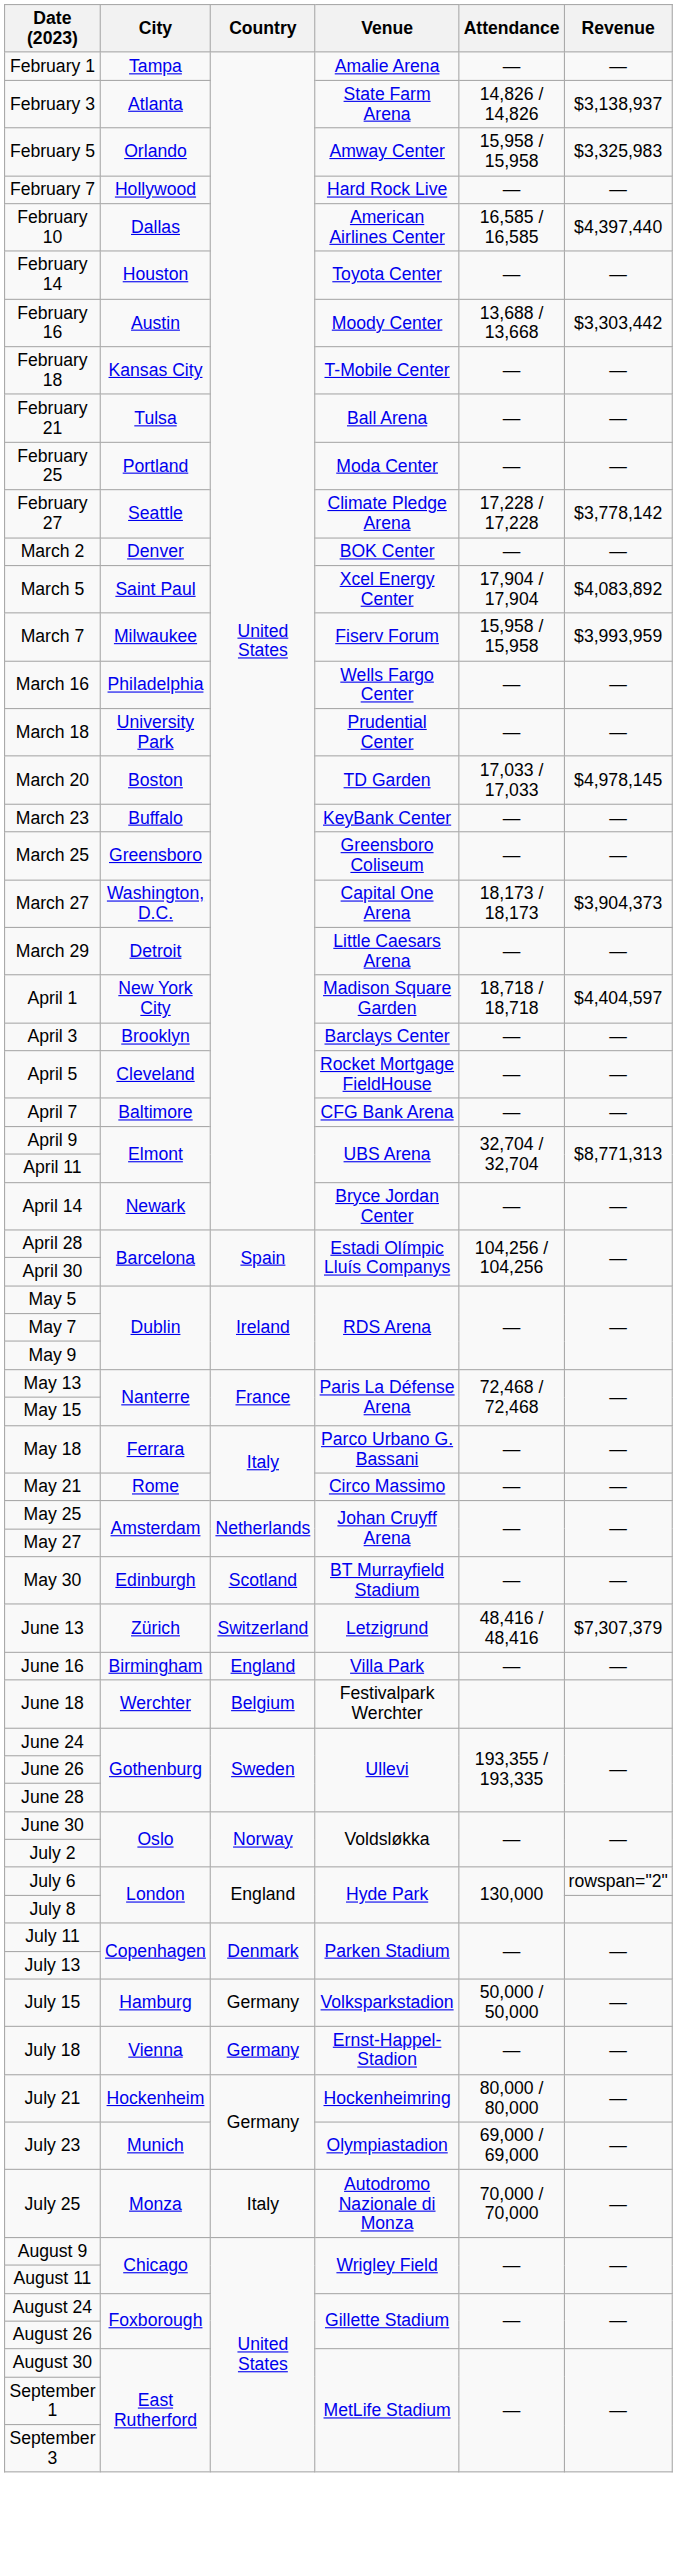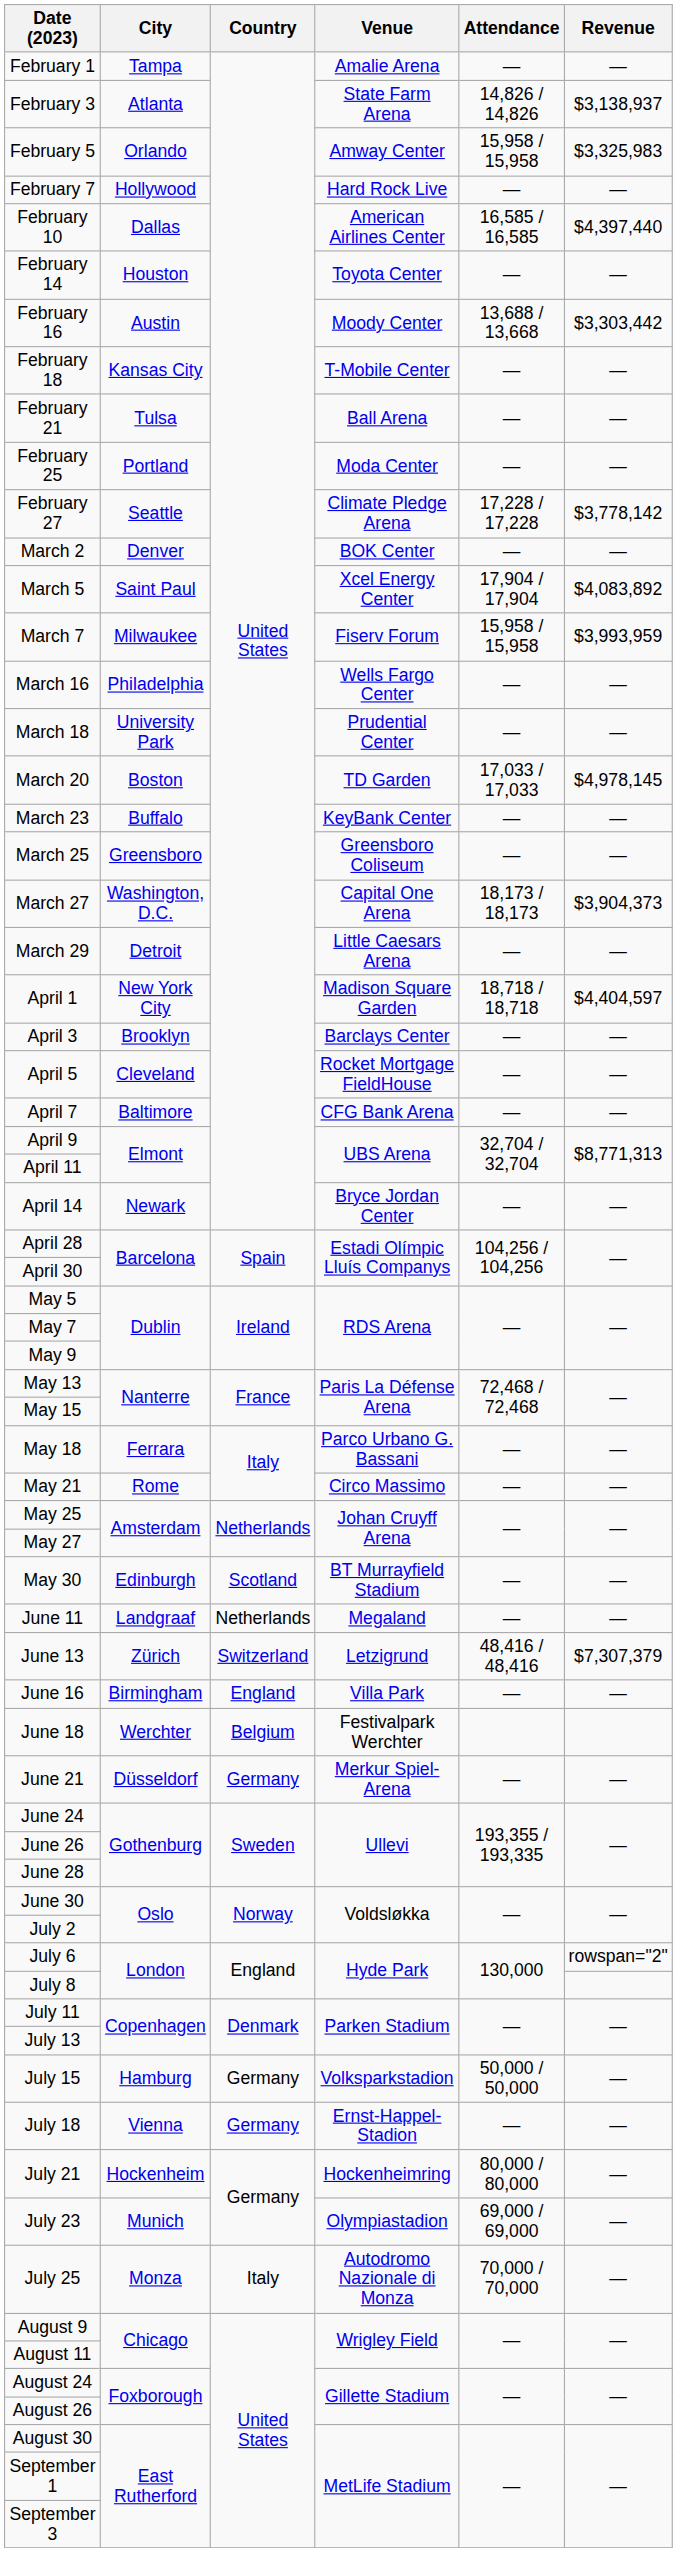 <table class="wikitable plainrowheaders" style="text-align:center;">
 <tr>
 <th scope="col" style="width:12em;">Date (2023)</th>
 <th scope="col" style="width:12em;">City</th>
 <th scope="col" style="width:12em;">Country</th>
 <th scope="col" style="width:20em;">Venue</th>
 <th scope="col" style="width:10em;">Attendance</th>
 <th scope="col" style="width:10em;">Revenue</th>
 </tr>
 <tr>
 <td>February 1</td>
 <td><a href='#'>Tampa</a></td>
 <td rowspan="28"><a href='#'>United States</a></td>
 <td><a href='#'>Amalie Arena</a></td>
 <td>—</td>
 <td>—</td>
 </tr>
 <tr>
 <td>February 3</td>
 <td><a href='#'>Atlanta</a></td>
 <td><a href='#'>State Farm Arena</a></td>
 <td>14,826 / 14,826</td>
 <td>$3,138,937</td>
 </tr>
 <tr>
 <td>February 5</td>
 <td><a href='#'>Orlando</a></td>
 <td><a href='#'>Amway Center</a></td>
 <td>15,958 / 15,958</td>
 <td>$3,325,983</td>
 </tr>
 <tr>
 <td>February 7</td>
 <td><a href='#'>Hollywood</a></td>
 <td><a href='#'>Hard Rock Live</a></td>
 <td>—</td>
 <td>—</td>
 </tr>
 <tr>
 <td>February 10</td>
 <td><a href='#'>Dallas</a></td>
 <td><a href='#'>American Airlines Center</a></td>
 <td>16,585 / 16,585</td>
 <td>$4,397,440</td>
 </tr>
 <tr>
 <td>February 14</td>
 <td><a href='#'>Houston</a></td>
 <td><a href='#'>Toyota Center</a></td>
 <td>—</td>
 <td>—</td>
 </tr>
 <tr>
 <td>February 16</td>
 <td><a href='#'>Austin</a></td>
 <td><a href='#'>Moody Center</a></td>
 <td>13,688 / 13,668</td>
 <td>$3,303,442</td>
 </tr>
 <tr>
 <td>February 18</td>
 <td><a href='#'>Kansas City</a></td>
 <td><a href='#'>T-Mobile Center</a></td>
 <td>—</td>
 <td>—</td>
 </tr>
 <tr>
 <td>February 21</td>
 <td><a href='#'>Tulsa</a></td>
 <td><a href='#'>Ball Arena</a></td>
 <td>—</td>
 <td>—</td>
 </tr>
 <tr>
 <td>February 25</td>
 <td><a href='#'>Portland</a></td>
 <td><a href='#'>Moda Center</a></td>
 <td>—</td>
 <td>—</td>
 </tr>
 <tr>
 <td>February 27</td>
 <td><a href='#'>Seattle</a></td>
 <td><a href='#'>Climate Pledge Arena</a></td>
 <td>17,228 / 17,228</td>
 <td>$3,778,142</td>
 </tr>
 <tr>
 <td>March 2</td>
 <td><a href='#'>Denver</a></td>
 <td><a href='#'>BOK Center</a></td>
 <td>—</td>
 <td>—</td>
 </tr>
 <tr>
 <td>March 5</td>
 <td><a href='#'>Saint Paul</a></td>
 <td><a href='#'>Xcel Energy Center</a></td>
 <td>17,904 / 17,904</td>
 <td>$4,083,892</td>
 </tr>
 <tr>
 <td>March 7</td>
 <td><a href='#'>Milwaukee</a></td>
 <td><a href='#'>Fiserv Forum</a></td>
 <td>15,958 / 15,958</td>
 <td>$3,993,959</td>
 </tr>
 <tr>
 <td>March 16</td>
 <td><a href='#'>Philadelphia</a></td>
 <td><a href='#'>Wells Fargo Center</a></td>
 <td>—</td>
 <td>—</td>
 </tr>
 <tr>
 <td>March 18</td>
 <td><a href='#'>University Park</a></td>
 <td><a href='#'>Prudential Center</a></td>
 <td>—</td>
 <td>—</td>
 </tr>
 <tr>
 <td>March 20</td>
 <td><a href='#'>Boston</a></td>
 <td><a href='#'>TD Garden</a></td>
 <td>17,033 / 17,033</td>
 <td>$4,978,145</td>
 </tr>
 <tr>
 <td>March 23</td>
 <td><a href='#'>Buffalo</a></td>
 <td><a href='#'>KeyBank Center</a></td>
 <td>—</td>
 <td>—</td>
 </tr>
 <tr>
 <td>March 25</td>
 <td><a href='#'>Greensboro</a></td>
 <td><a href='#'>Greensboro Coliseum</a></td>
 <td>—</td>
 <td>—</td>
 </tr>
 <tr>
 <td>March 27</td>
 <td><a href='#'>Washington, D.C.</a></td>
 <td><a href='#'>Capital One Arena</a></td>
 <td>18,173 / 18,173</td>
 <td>$3,904,373</td>
 </tr>
 <tr>
 <td>March 29</td>
 <td><a href='#'>Detroit</a></td>
 <td><a href='#'>Little Caesars Arena</a></td>
 <td>—</td>
 <td>—</td>
 </tr>
 <tr>
 <td>April 1</td>
 <td><a href='#'>New York City</a></td>
 <td><a href='#'>Madison Square Garden</a></td>
 <td>18,718 / 18,718</td>
 <td>$4,404,597</td>
 </tr>
 <tr>
 <td>April 3</td>
 <td><a href='#'>Brooklyn</a></td>
 <td><a href='#'>Barclays Center</a></td>
 <td>—</td>
 <td>—</td>
 </tr>
 <tr>
 <td>April 5</td>
 <td><a href='#'>Cleveland</a></td>
 <td><a href='#'>Rocket Mortgage FieldHouse</a></td>
 <td>—</td>
 <td>—</td>
 </tr>
 <tr>
 <td>April 7</td>
 <td><a href='#'>Baltimore</a></td>
 <td><a href='#'>CFG Bank Arena</a></td>
 <td>—</td>
 <td>—</td>
 </tr>
 <tr>
 <td>April 9</td>
 <td rowspan="2"><a href='#'>Elmont</a></td>
 <td rowspan="2"><a href='#'>UBS Arena</a></td>
 <td rowspan="2">32,704 / 32,704</td>
 <td rowspan="2">$8,771,313</td>
 </tr>
 <tr>
 <td>April 11</td>
 </tr>
 <tr>
 <td>April 14</td>
 <td><a href='#'>Newark</a></td>
 <td><a href='#'>Bryce Jordan Center</a></td>
 <td>—</td>
 <td>—</td>
 </tr>
 <tr>
 <td>April 28</td>
 <td rowspan="2"><a href='#'>Barcelona</a></td>
 <td rowspan="2"><a href='#'>Spain</a></td>
 <td rowspan="2"><a href='#'>Estadi Olímpic Lluís Companys</a></td>
 <td rowspan="2">104,256 / 104,256</td>
 <td rowspan="2">—</td>
 </tr>
 <tr>
 <td>April 30</td>
 </tr>
 <tr>
 <td>May 5</td>
 <td rowspan="3"><a href='#'>Dublin</a></td>
 <td rowspan="3"><a href='#'>Ireland</a></td>
 <td rowspan="3"><a href='#'>RDS Arena</a></td>
 <td rowspan="3">—</td>
 <td rowspan="3">—</td>
 </tr>
 <tr>
 <td>May 7</td>
 </tr>
 <tr>
 <td>May 9</td>
 </tr>
 <tr>
 <td>May 13</td>
 <td rowspan="2"><a href='#'>Nanterre</a></td>
 <td rowspan="2"><a href='#'>France</a></td>
 <td rowspan="2"><a href='#'>Paris La Défense Arena</a></td>
 <td rowspan="2">72,468 / 72,468</td>
 <td rowspan="2">—</td>
 </tr>
 <tr>
 <td>May 15</td>
 </tr>
 <tr>
 <td>May 18</td>
 <td><a href='#'>Ferrara</a></td>
 <td rowspan="2"><a href='#'>Italy</a></td>
 <td><a href='#'>Parco Urbano G. Bassani</a></td>
 <td>—</td>
 <td>—</td>
 </tr>
 <tr>
 <td>May 21</td>
 <td><a href='#'>Rome</a></td>
 <td><a href='#'>Circo Massimo</a></td>
 <td>—</td>
 <td>—</td>
 </tr>
 <tr>
 <td>May 25</td>
 <td rowspan="2"><a href='#'>Amsterdam</a></td>
 <td rowspan="2"><a href='#'>Netherlands</a></td>
 <td rowspan="2"><a href='#'>Johan Cruyff Arena</a></td>
 <td rowspan="2">—</td>
 <td rowspan="2">—</td>
 </tr>
 <tr>
 <td>May 27</td>
 </tr>
 <tr>
 <td>May 30</td>
 <td><a href='#'>Edinburgh</a></td>
 <td><a href='#'>Scotland</a></td>
 <td><a href='#'>BT Murrayfield Stadium</a></td>
 <td>—</td>
 <td>—</td>
 </tr>
 <tr>
+<td>June 11</td>
+<td><a href='#'>Landgraaf</a></td>
+<td>Netherlands</td>
+<td><a href='#'>Megaland</a></td>
+<td>—</td>
+<td>—</td>
+</tr>
+<tr>
 <td>June 13</td>
 <td><a href='#'>Zürich</a></td>
 <td><a href='#'>Switzerland</a></td>
 <td><a href='#'>Letzigrund</a></td>
 <td>48,416 / 48,416</td>
 <td>$7,307,379</td>
 </tr>
 <tr>
 <td>June 16</td>
 <td><a href='#'>Birmingham</a></td>
 <td><a href='#'>England</a></td>
 <td><a href='#'>Villa Park</a></td>
 <td>—</td>
 <td>—</td>
 </tr>
 <tr>
 <td>June 18</td>
 <td><a href='#'>Werchter</a></td>
 <td><a href='#'>Belgium</a></td>
 <td>Festivalpark Werchter</td>
 <td></td>
 <td></td>
+</tr>
+<tr>
+<td>June 21</td>
+<td><a href='#'>Düsseldorf</a></td>
+<td><a href='#'>Germany</a></td>
+<td><a href='#'>Merkur Spiel-Arena</a></td>
+<td>—</td>
+<td>—</td>
 </tr>
 <tr>
 <td>June 24</td>
 <td rowspan="3"><a href='#'>Gothenburg</a></td>
 <td rowspan="3"><a href='#'>Sweden</a></td>
 <td rowspan="3"><a href='#'>Ullevi</a></td>
 <td rowspan="3">193,355 / 193,335</td>
 <td rowspan="3">—</td>
 </tr>
 <tr>
 <td>June 26</td>
 </tr>
 <tr>
 <td>June 28</td>
 </tr>
 <tr>
 <td>June 30</td>
 <td rowspan="2"><a href='#'>Oslo</a></td>
 <td rowspan="2"><a href='#'>Norway</a></td>
 <td rowspan="2">Voldsløkka</td>
 <td rowspan="2">—</td>
 <td rowspan="2">—</td>
 </tr>
 <tr>
 <td>July 2</td>
 </tr>
 <tr>
 <td>July 6</td>
 <td rowspan="2"><a href='#'>London</a></td>
 <td rowspan="2">England</td>
 <td rowspan="2"><a href='#'>Hyde Park</a></td>
 <td rowspan="2">130,000</td>
 <td>rowspan="2" </td>
 </tr>
 <tr>
 <td>July 8</td>
 </tr>
 <tr>
 <td>July 11</td>
 <td rowspan="2"><a href='#'>Copenhagen</a></td>
 <td rowspan="2"><a href='#'>Denmark</a></td>
 <td rowspan="2"><a href='#'>Parken Stadium</a></td>
 <td rowspan="2">—</td>
 <td rowspan="2">—</td>
 </tr>
 <tr>
 <td>July 13</td>
 </tr>
 <tr>
 <td>July 15</td>
 <td><a href='#'>Hamburg</a></td>
 <td>Germany</td>
 <td><a href='#'>Volksparkstadion</a></td>
 <td>50,000 / 50,000</td>
 <td>—</td>
 </tr>
 <tr>
 <td>July 18</td>
 <td><a href='#'>Vienna</a></td>
 <td><a href='#'>Germany</a></td>
 <td><a href='#'>Ernst-Happel-Stadion</a></td>
 <td>—</td>
 <td>—</td>
 </tr>
 <tr>
 <td>July 21</td>
 <td><a href='#'>Hockenheim</a></td>
 <td rowspan="2">Germany</td>
 <td><a href='#'>Hockenheimring</a></td>
 <td>80,000 / 80,000</td>
 <td>—</td>
 </tr>
 <tr>
 <td>July 23</td>
 <td><a href='#'>Munich</a></td>
 <td><a href='#'>Olympiastadion</a></td>
 <td>69,000 / 69,000</td>
 <td>—</td>
 </tr>
 <tr>
 <td>July 25</td>
 <td><a href='#'>Monza</a></td>
 <td>Italy</td>
 <td><a href='#'>Autodromo Nazionale di Monza</a></td>
 <td>70,000 / 70,000</td>
 <td>—</td>
 </tr>
 <tr>
 <td>August 9</td>
 <td rowspan="2"><a href='#'>Chicago</a></td>
 <td rowspan="7"><a href='#'>United States</a></td>
 <td rowspan="2"><a href='#'>Wrigley Field</a></td>
 <td rowspan="2">—</td>
 <td rowspan="2">—</td>
 </tr>
 <tr>
 <td>August 11</td>
 </tr>
 <tr>
 <td>August 24</td>
 <td rowspan="2"><a href='#'>Foxborough</a></td>
 <td rowspan="2"><a href='#'>Gillette Stadium</a></td>
 <td rowspan="2">—</td>
 <td rowspan="2">—</td>
 </tr>
 <tr>
 <td>August 26</td>
 </tr>
 <tr>
 <td>August 30</td>
 <td rowspan="3"><a href='#'>East Rutherford</a></td>
 <td rowspan="3"><a href='#'>MetLife Stadium</a></td>
 <td rowspan="3">—</td>
 <td rowspan="3">—</td>
 </tr>
 <tr>
 <td>September 1</td>
 </tr>
 <tr>
 <td>September 3</td>
 </tr>
 </table>
